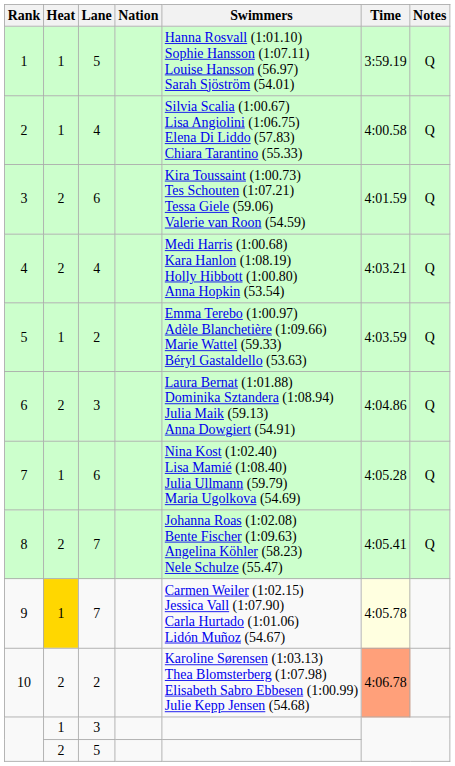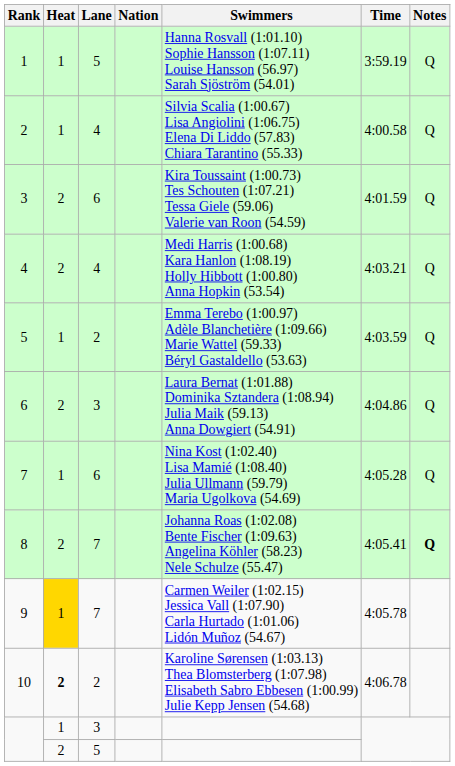 <table class="wikitable sortable" style="text-align:center">
 <tr>
 <th>Rank</th>
 <th>Heat</th>
 <th>Lane</th>
 <th>Nation</th>
 <th>Swimmers</th>
 <th>Time</th>
 <th>Notes</th>
 </tr>
 <tr bgcolor=ccffcc>
 <td>1</td>
 <td>1</td>
 <td>5</td>
 <td align=left></td>
 <td align=left><a href='#'>Hanna Rosvall</a> (1:01.10)<br><a href='#'>Sophie Hansson</a> (1:07.11)<br><a href='#'>Louise Hansson</a> (56.97)<br><a href='#'>Sarah Sjöström</a> (54.01)</td>
 <td>3:59.19</td>
 <td>Q</td>
 </tr>
 <tr bgcolor=ccffcc>
 <td>2</td>
 <td>1</td>
 <td>4</td>
 <td align=left></td>
 <td align=left><a href='#'>Silvia Scalia</a> (1:00.67)<br><a href='#'>Lisa Angiolini</a> (1:06.75)<br><a href='#'>Elena Di Liddo</a> (57.83)<br><a href='#'>Chiara Tarantino</a> (55.33)</td>
 <td>4:00.58</td>
 <td>Q</td>
 </tr>
 <tr bgcolor=ccffcc>
 <td>3</td>
 <td>2</td>
 <td>6</td>
 <td align=left></td>
 <td align=left><a href='#'>Kira Toussaint</a> (1:00.73)<br><a href='#'>Tes Schouten</a> (1:07.21)<br><a href='#'>Tessa Giele</a> (59.06)<br><a href='#'>Valerie van Roon</a> (54.59)</td>
 <td>4:01.59</td>
 <td>Q</td>
 </tr>
 <tr bgcolor=ccffcc>
 <td>4</td>
 <td>2</td>
 <td>4</td>
 <td align=left></td>
 <td align=left><a href='#'>Medi Harris</a> (1:00.68)<br><a href='#'>Kara Hanlon</a> (1:08.19)<br><a href='#'>Holly Hibbott</a> (1:00.80)<br><a href='#'>Anna Hopkin</a> (53.54)</td>
 <td>4:03.21</td>
 <td>Q</td>
 </tr>
 <tr bgcolor=ccffcc>
 <td>5</td>
 <td>1</td>
 <td>2</td>
 <td align=left></td>
 <td align=left><a href='#'>Emma Terebo</a> (1:00.97)<br><a href='#'>Adèle Blanchetière</a> (1:09.66)<br><a href='#'>Marie Wattel</a> (59.33)<br><a href='#'>Béryl Gastaldello</a> (53.63)</td>
 <td>4:03.59</td>
 <td>Q</td>
 </tr>
 <tr bgcolor=ccffcc>
 <td>6</td>
 <td>2</td>
 <td>3</td>
 <td align=left></td>
 <td align=left><a href='#'>Laura Bernat</a> (1:01.88)<br><a href='#'>Dominika Sztandera</a> (1:08.94)<br><a href='#'>Julia Maik</a> (59.13)<br><a href='#'>Anna Dowgiert</a> (54.91)</td>
 <td>4:04.86</td>
 <td>Q</td>
 </tr>
 <tr bgcolor=ccffcc>
 <td>7</td>
 <td>1</td>
 <td>6</td>
 <td align=left></td>
 <td align=left><a href='#'>Nina Kost</a> (1:02.40)<br><a href='#'>Lisa Mamié</a> (1:08.40)<br><a href='#'>Julia Ullmann</a> (59.79)<br><a href='#'>Maria Ugolkova</a> (54.69)</td>
 <td>4:05.28</td>
 <td>Q</td>
 </tr>
 <tr bgcolor=ccffcc>
 <td>8</td>
 <td>2</td>
 <td>7</td>
 <td align=left></td>
 <td align=left><a href='#'>Johanna Roas</a> (1:02.08)<br><a href='#'>Bente Fischer</a> (1:09.63)<br><a href='#'>Angelina Köhler</a> (58.23)<br><a href='#'>Nele Schulze</a> (55.47)</td>
 <td>4:05.41</td>
-<td>Q</td>
+<td><strong>Q</strong></td>
 </tr>
 <tr>
 <td>9</td>
 <td style="background: gold;">1</td>
 <td>7</td>
 <td align=left></td>
 <td align=left><a href='#'>Carmen Weiler</a> (1:02.15)<br><a href='#'>Jessica Vall</a> (1:07.90)<br><a href='#'>Carla Hurtado</a> (1:01.06)<br><a href='#'>Lidón Muñoz</a> (54.67)</td>
-<td style="background: lightyellow;">4:05.78</td>
+<td>4:05.78</td>
 <td></td>
 </tr>
 <tr>
 <td>10</td>
-<td>2</td>
+<td><strong>2</strong></td>
 <td>2</td>
 <td align=left></td>
 <td align=left><a href='#'>Karoline Sørensen</a> (1:03.13)<br><a href='#'>Thea Blomsterberg</a> (1:07.98)<br><a href='#'>Elisabeth Sabro Ebbesen</a> (1:00.99)<br><a href='#'>Julie Kepp Jensen</a> (54.68)</td>
-<td style="background: lightsalmon;">4:06.78</td>
+<td>4:06.78</td>
 <td></td>
 </tr>
 <tr>
 <td rowspan=2></td>
 <td>1</td>
 <td>3</td>
 <td align=left></td>
 <td align=left></td>
 <td colspan=2 rowspan=2></td>
 </tr>
 <tr>
 <td>2</td>
 <td>5</td>
 <td align=left></td>
 <td align=left></td>
 </tr>
 </table>
